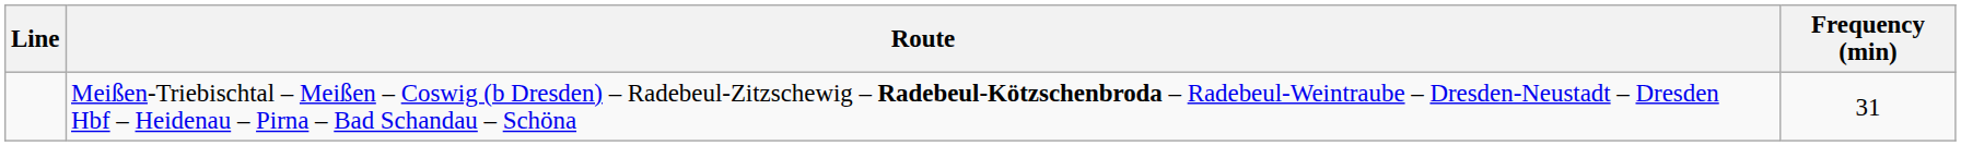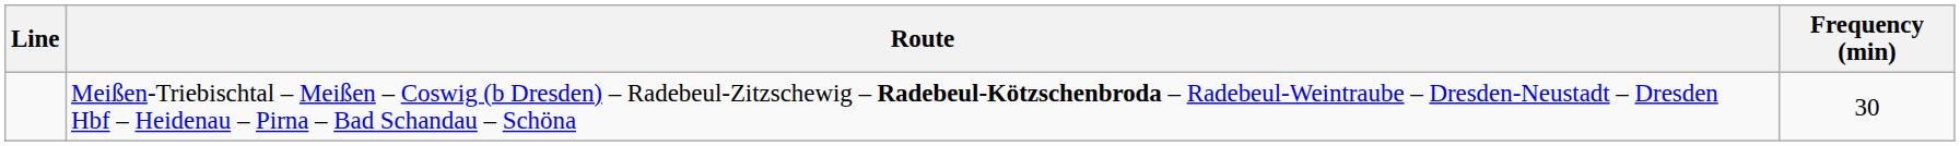 <table class="wikitable">
 <tr>
 <th>Line</th>
 <th>Route</th>
 <th>Frequency (min)</th>
 </tr>
 <tr>
 <td></td>
 <td><a href='#'>Meißen</a>-Triebischtal – <a href='#'>Meißen</a> – <a href='#'>Coswig (b Dresden)</a> – Radebeul-Zitzschewig – <strong>Radebeul-Kötzschenbroda</strong> – <a href='#'>Radebeul-Weintraube</a> – <a href='#'>Dresden-Neustadt</a> – <a href='#'>Dresden Hbf</a> – <a href='#'>Heidenau</a> – <a href='#'>Pirna</a> – <a href='#'>Bad Schandau</a> – <a href='#'>Schöna</a></td>
-<td align="center">31</td>
+<td align="center">30</td>
 </tr>
 </table>
